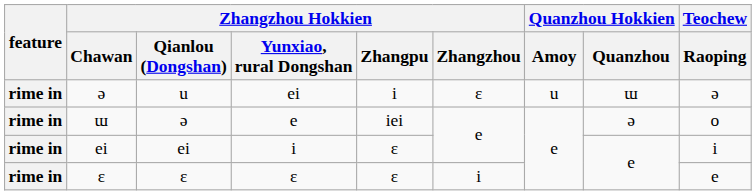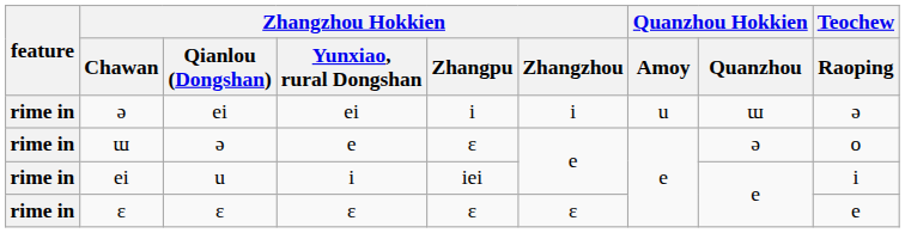 <table class="wikitable" style="text-align:center;">
 <tr>
 <th rowspan="2">feature</th>
 <th colspan="5"><a href='#'>Zhangzhou Hokkien</a></th>
 <th colspan="2"><a href='#'>Quanzhou Hokkien</a></th>
 <th><a href='#'>Teochew</a></th>
 </tr>
 <tr>
 <th>Chawan</th>
 <th>Qianlou<br>(<a href='#'>Dongshan</a>)</th>
 <th><a href='#'>Yunxiao</a>,<br>rural Dongshan</th>
 <th>Zhangpu</th>
 <th>Zhangzhou</th>
 <th>Amoy</th>
 <th>Quanzhou</th>
 <th>Raoping</th>
 </tr>
 <tr>
 <th>rime in </th>
 <td>ə</td>
-<td>u</td>
+<td>ei</td>
 <td>ei</td>
 <td>i</td>
-<td>ɛ</td>
+<td>i</td>
 <td>u</td>
 <td>ɯ</td>
 <td>ə</td>
 </tr>
 <tr>
 <th>rime in </th>
 <td>ɯ</td>
 <td>ə</td>
 <td>e</td>
-<td>iei</td>
+<td>ɛ</td>
 <td rowspan="2">e</td>
 <td rowspan="3">e</td>
 <td>ə</td>
 <td>o</td>
 </tr>
 <tr>
 <th>rime in </th>
 <td>ei</td>
-<td>ei</td>
+<td>u</td>
 <td>i</td>
-<td>ɛ</td>
+<td>iei</td>
 <td rowspan="2">e</td>
 <td>i</td>
 </tr>
 <tr>
 <th>rime in </th>
 <td>ɛ</td>
 <td>ɛ</td>
 <td>ɛ</td>
 <td>ɛ</td>
-<td>i</td>
+<td>ɛ</td>
 <td>e</td>
 </tr>
 </table>
